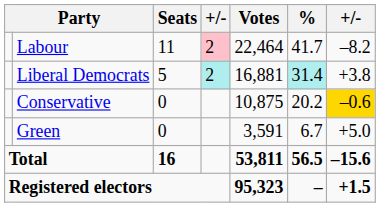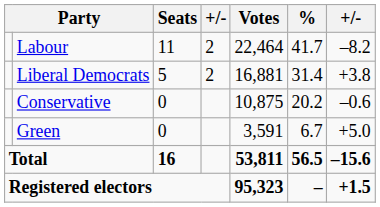 <table class="wikitable sortable">
 <tr>
 <th colspan="2">Party</th>
 <th>Seats</th>
 <th>+/-</th>
 <th>Votes</th>
 <th>%</th>
 <th>+/-</th>
 </tr>
 <tr>
 <td style="background-color: "></td>
 <td><a href='#'>Labour</a></td>
 <td>11</td>
-<td style="background: pink;"> 2</td>
+<td> 2</td>
 <td style="text-align:right;">22,464</td>
 <td style="text-align:right;">41.7</td>
 <td style="text-align:right;">–8.2</td>
 </tr>
 <tr>
 <td style="background-color: "></td>
 <td><a href='#'>Liberal Democrats</a></td>
 <td>5</td>
-<td style="background: paleturquoise;"> 2</td>
+<td> 2</td>
 <td style="text-align:right;">16,881</td>
-<td style="background: paleturquoise; text-align:right;">31.4</td>
+<td style="text-align:right;">31.4</td>
 <td style="text-align:right;">+3.8</td>
 </tr>
 <tr>
 <td style="background-color: "></td>
 <td><a href='#'>Conservative</a></td>
 <td>0</td>
 <td></td>
 <td style="text-align:right;">10,875</td>
 <td style="text-align:right;">20.2</td>
-<td style="background: gold; text-align:right;">–0.6</td>
+<td style="text-align:right;">–0.6</td>
 </tr>
 <tr>
 <td style="background-color: "></td>
 <td><a href='#'>Green</a></td>
 <td>0</td>
 <td></td>
 <td style="text-align:right;">3,591</td>
 <td style="text-align:right;">6.7</td>
 <td style="text-align:right;">+5.0</td>
 </tr>
 <tr>
 <td colspan="2"><strong>Total</strong></td>
 <td><strong>16</strong></td>
 <td></td>
 <td style="text-align:right;"><strong>53,811</strong></td>
 <td style="text-align:right;"><strong>56.5</strong></td>
 <td style="text-align:right;"><strong>–15.6</strong></td>
 </tr>
 <tr>
 <td colspan="4"><strong>Registered electors</strong></td>
 <td style="text-align:right;"><strong>95,323</strong></td>
 <td style="text-align:right;"><strong>–</strong></td>
 <td style="text-align:right;"><strong>+1.5</strong></td>
 </tr>
 </table>
